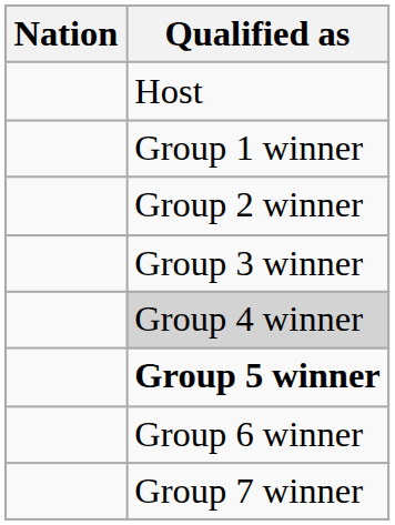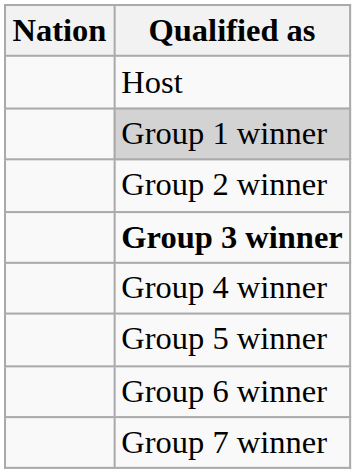 <table class="wikitable">
 <tr>
 <th>Nation</th>
 <th>Qualified as</th>
 </tr>
 <tr>
 <td></td>
 <td>Host</td>
 </tr>
 <tr>
 <td></td>
-<td>Group 1 winner</td>
+<td style="background: lightgrey;">Group 1 winner</td>
 </tr>
 <tr>
 <td></td>
 <td>Group 2 winner</td>
 </tr>
 <tr>
 <td></td>
-<td>Group 3 winner</td>
+<td><strong>Group 3 winner</strong></td>
 </tr>
 <tr>
 <td></td>
-<td style="background: lightgrey;">Group 4 winner</td>
+<td>Group 4 winner</td>
 </tr>
 <tr>
 <td></td>
-<td><strong>Group 5 winner</strong></td>
+<td>Group 5 winner</td>
 </tr>
 <tr>
 <td></td>
 <td>Group 6 winner</td>
 </tr>
 <tr>
 <td></td>
 <td>Group 7 winner</td>
 </tr>
 </table>
